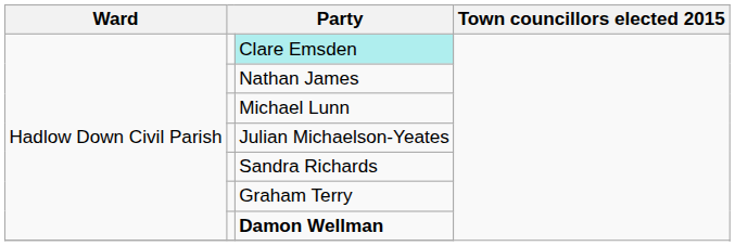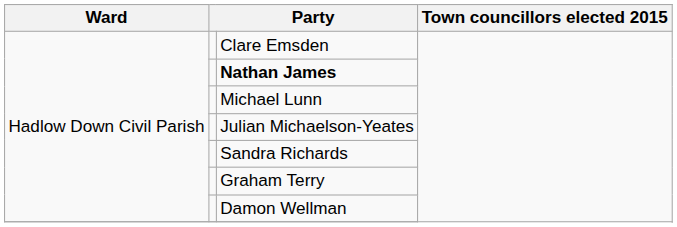 <table class="wikitable">
 <tr>
 <th>Ward</th>
 <th colspan=2>Party</th>
 <th>Town councillors elected 2015</th>
 </tr>
 <tr>
 <td rowspan="7">Hadlow Down Civil Parish</td>
 <td></td>
-<td style="background: paleturquoise;">Clare Emsden</td>
+<td>Clare Emsden</td>
 </tr>
 <tr>
 <td></td>
-<td>Nathan James</td>
+<td><strong>Nathan James</strong></td>
 </tr>
 <tr>
 <td></td>
 <td>Michael Lunn</td>
 </tr>
 <tr>
 <td></td>
 <td>Julian Michaelson-Yeates</td>
 </tr>
 <tr>
 <td></td>
 <td>Sandra Richards</td>
 </tr>
 <tr>
 <td></td>
 <td>Graham Terry</td>
 </tr>
 <tr>
 <td></td>
-<td><strong>Damon Wellman</strong></td>
+<td>Damon Wellman</td>
 </tr>
 <tr>
 </tr>
 </table>
